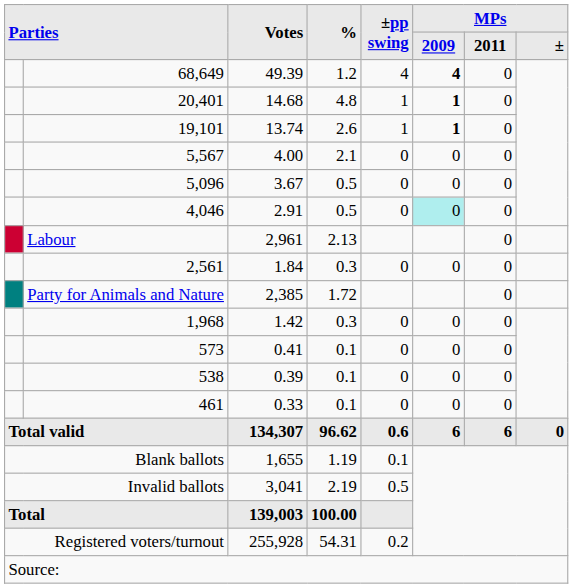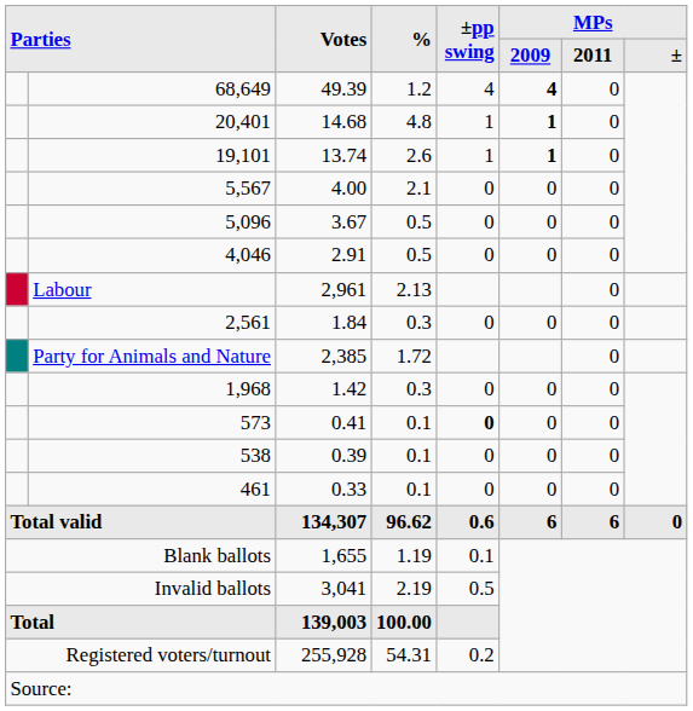 <table class="wikitable" style="text-align:right; font-size:95%;">
 <tr>
 <th rowspan="2" colspan="2" style="background:#e9e9e9; text-align:left;" alignleft><a href='#'>Parties</a></th>
 <th rowspan="2" style="background:#e9e9e9; text-align:right;">Votes</th>
 <th rowspan="2" style="background:#e9e9e9; text-align:right;">%</th>
 <th rowspan="2" style="background:#e9e9e9; text-align:right;">±<a href='#'>pp</a> <a href='#'>swing</a></th>
 <th colspan="3" style="background:#e9e9e9; text-align:center;"><a href='#'>MPs</a></th>
 </tr>
 <tr style="background-color:#E9E9E9">
 <th style="background-color:#E9E9E9;text-align:center;"><a href='#'>2009</a></th>
 <th style="background-color:#E9E9E9;text-align:center;">2011</th>
 <th style="background:#e9e9e9; text-align:right;">±</th>
 </tr>
 <tr>
 <td></td>
 <td>68,649</td>
 <td>49.39</td>
 <td>1.2</td>
 <td>4</td>
 <td><strong>4</strong></td>
 <td>0</td>
 </tr>
 <tr>
 <td></td>
 <td>20,401</td>
 <td>14.68</td>
 <td>4.8</td>
 <td>1</td>
 <td><strong>1</strong></td>
 <td>0</td>
 </tr>
 <tr>
 <td></td>
 <td>19,101</td>
 <td>13.74</td>
 <td>2.6</td>
 <td>1</td>
 <td><strong>1</strong></td>
 <td>0</td>
 </tr>
 <tr>
 <td></td>
 <td>5,567</td>
 <td>4.00</td>
 <td>2.1</td>
 <td>0</td>
 <td>0</td>
 <td>0</td>
 </tr>
 <tr>
 <td></td>
 <td>5,096</td>
 <td>3.67</td>
 <td>0.5</td>
 <td>0</td>
 <td>0</td>
 <td>0</td>
 </tr>
 <tr>
 <td></td>
 <td>4,046</td>
 <td>2.91</td>
 <td>0.5</td>
 <td>0</td>
-<td style="background: paleturquoise;">0</td>
+<td>0</td>
 <td>0</td>
 </tr>
 <tr>
 <td style="width: 10px" bgcolor=#CC0033 align="center"></td>
 <td align=left><a href='#'>Labour</a></td>
 <td>2,961</td>
 <td>2.13</td>
 <td></td>
 <td></td>
 <td>0</td>
 <td></td>
 </tr>
 <tr>
 <td></td>
 <td>2,561</td>
 <td>1.84</td>
 <td>0.3</td>
 <td>0</td>
 <td>0</td>
 <td>0</td>
 </tr>
 <tr>
 <td style="width: 10px" bgcolor="teal" align="center"></td>
 <td align="left"><a href='#'>Party for Animals and Nature</a></td>
 <td>2,385</td>
 <td>1.72</td>
 <td></td>
 <td></td>
 <td>0</td>
 <td></td>
 </tr>
 <tr>
 <td></td>
 <td>1,968</td>
 <td>1.42</td>
 <td>0.3</td>
 <td>0</td>
 <td>0</td>
 <td>0</td>
 </tr>
 <tr>
 <td></td>
 <td>573</td>
 <td>0.41</td>
 <td>0.1</td>
-<td>0</td>
+<td><strong>0</strong></td>
 <td>0</td>
 <td>0</td>
 </tr>
 <tr>
 <td></td>
 <td>538</td>
 <td>0.39</td>
 <td>0.1</td>
 <td>0</td>
 <td>0</td>
 <td>0</td>
 </tr>
 <tr>
 <td></td>
 <td>461</td>
 <td>0.33</td>
 <td>0.1</td>
 <td>0</td>
 <td>0</td>
 <td>0</td>
 </tr>
 <tr>
 <td colspan=2 align=left style="background-color:#E9E9E9"><strong>Total valid</strong></td>
 <td width="65" align="right" style="background-color:#E9E9E9"><strong>134,307</strong></td>
 <td width="40" align="right" style="background-color:#E9E9E9"><strong>96.62</strong></td>
 <td width="40" align="right" style="background-color:#E9E9E9"><strong>0.6</strong></td>
 <td width="40" align="right" style="background-color:#E9E9E9"><strong>6</strong></td>
 <td width="40" align="right" style="background-color:#E9E9E9"><strong>6</strong></td>
 <td width="40" align="right" style="background-color:#E9E9E9"><strong>0</strong></td>
 </tr>
 <tr>
 <td colspan=2>Blank ballots</td>
 <td>1,655</td>
 <td>1.19</td>
 <td>0.1</td>
 <td colspan=4 rowspan=4></td>
 </tr>
 <tr>
 <td colspan=2>Invalid ballots</td>
 <td>3,041</td>
 <td>2.19</td>
 <td>0.5</td>
 </tr>
 <tr>
 <td colspan=2 align=left style="background-color:#E9E9E9"><strong>Total</strong></td>
 <td width="50" align="right" style="background-color:#E9E9E9"><strong>139,003</strong></td>
 <td width="40" align="right" style="background-color:#E9E9E9"><strong>100.00</strong></td>
 <td width="40" align="right" style="background-color:#E9E9E9"></td>
 </tr>
 <tr>
 <td colspan=2>Registered voters/turnout</td>
 <td>255,928</td>
 <td>54.31</td>
 <td>0.2</td>
 </tr>
 <tr>
 <td colspan=11 align=left>Source: </td>
 </tr>
 </table>
